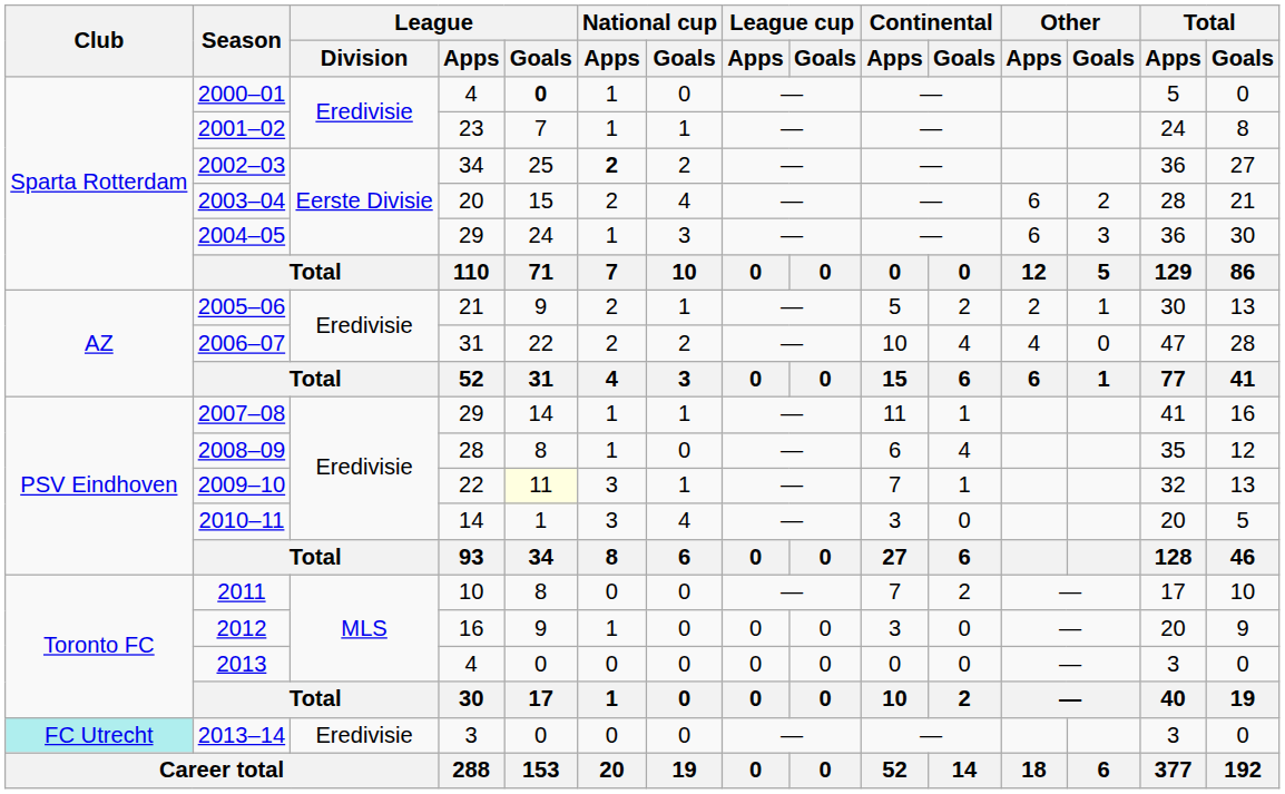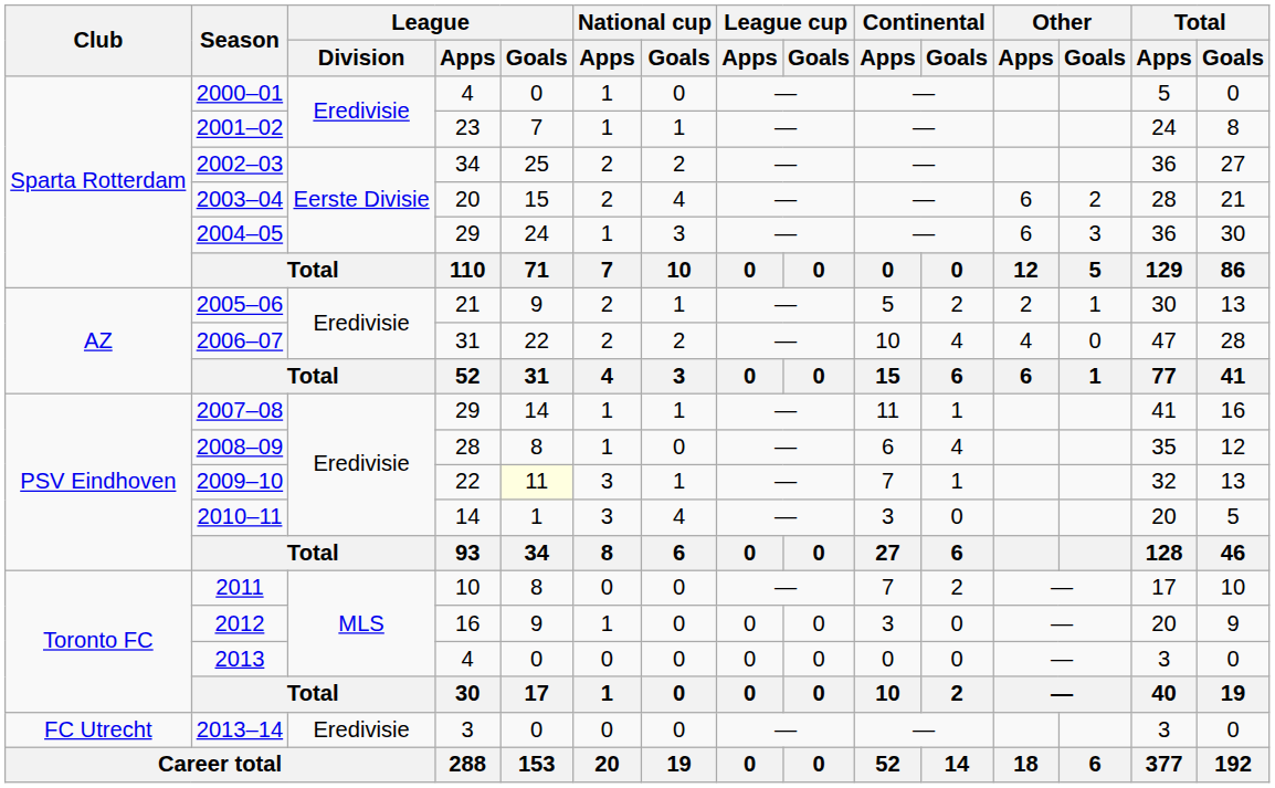 <table class="wikitable" style="text-align:center">
 <tr>
 <th rowspan="2">Club</th>
 <th rowspan="2">Season</th>
 <th colspan="3">League</th>
 <th colspan="2">National cup</th>
 <th colspan="2">League cup</th>
 <th colspan="2">Continental</th>
 <th colspan="2">Other</th>
 <th colspan="2">Total</th>
 </tr>
 <tr>
 <th>Division</th>
 <th>Apps</th>
 <th>Goals</th>
 <th>Apps</th>
 <th>Goals</th>
 <th>Apps</th>
 <th>Goals</th>
 <th>Apps</th>
 <th>Goals</th>
 <th>Apps</th>
 <th>Goals</th>
 <th>Apps</th>
 <th>Goals</th>
 </tr>
 <tr>
 <td rowspan="6"><a href='#'>Sparta Rotterdam</a></td>
 <td><a href='#'>2000–01</a></td>
 <td rowspan="2"><a href='#'>Eredivisie</a></td>
 <td>4</td>
-<td><strong>0</strong></td>
+<td>0</td>
 <td>1</td>
 <td>0</td>
 <td colspan="2">—</td>
 <td colspan="2">—</td>
 <td></td>
 <td></td>
 <td>5</td>
 <td>0</td>
 </tr>
 <tr>
 <td><a href='#'>2001–02</a></td>
 <td>23</td>
 <td>7</td>
 <td>1</td>
 <td>1</td>
 <td colspan="2">—</td>
 <td colspan="2">—</td>
 <td></td>
 <td></td>
 <td>24</td>
 <td>8</td>
 </tr>
 <tr>
 <td><a href='#'>2002–03</a></td>
 <td rowspan="3"><a href='#'>Eerste Divisie</a></td>
 <td>34</td>
 <td>25</td>
-<td><strong>2</strong></td>
+<td>2</td>
 <td>2</td>
 <td colspan="2">—</td>
 <td colspan="2">—</td>
 <td></td>
 <td></td>
 <td>36</td>
 <td>27</td>
 </tr>
 <tr>
 <td><a href='#'>2003–04</a></td>
 <td>20</td>
 <td>15</td>
 <td>2</td>
 <td>4</td>
 <td colspan="2">—</td>
 <td colspan="2">—</td>
 <td>6</td>
 <td>2</td>
 <td>28</td>
 <td>21</td>
 </tr>
 <tr>
 <td><a href='#'>2004–05</a></td>
 <td>29</td>
 <td>24</td>
 <td>1</td>
 <td>3</td>
 <td colspan="2">—</td>
 <td colspan="2">—</td>
 <td>6</td>
 <td>3</td>
 <td>36</td>
 <td>30</td>
 </tr>
 <tr>
 <th colspan="2">Total</th>
 <th>110</th>
 <th>71</th>
 <th>7</th>
 <th>10</th>
 <th>0</th>
 <th>0</th>
 <th>0</th>
 <th>0</th>
 <th>12</th>
 <th>5</th>
 <th>129</th>
 <th>86</th>
 </tr>
 <tr>
 <td rowspan="3"><a href='#'>AZ</a></td>
 <td><a href='#'>2005–06</a></td>
 <td rowspan="2">Eredivisie</td>
 <td>21</td>
 <td>9</td>
 <td>2</td>
 <td>1</td>
 <td colspan="2">—</td>
 <td>5</td>
 <td>2</td>
 <td>2</td>
 <td>1</td>
 <td>30</td>
 <td>13</td>
 </tr>
 <tr>
 <td><a href='#'>2006–07</a></td>
 <td>31</td>
 <td>22</td>
 <td>2</td>
 <td>2</td>
 <td colspan="2">—</td>
 <td>10</td>
 <td>4</td>
 <td>4</td>
 <td>0</td>
 <td>47</td>
 <td>28</td>
 </tr>
 <tr>
 <th colspan="2">Total</th>
 <th>52</th>
 <th>31</th>
 <th>4</th>
 <th>3</th>
 <th>0</th>
 <th>0</th>
 <th>15</th>
 <th>6</th>
 <th>6</th>
 <th>1</th>
 <th>77</th>
 <th>41</th>
 </tr>
 <tr>
 <td rowspan="5"><a href='#'>PSV Eindhoven</a></td>
 <td><a href='#'>2007–08</a></td>
 <td rowspan="4">Eredivisie</td>
 <td>29</td>
 <td>14</td>
 <td>1</td>
 <td>1</td>
 <td colspan="2">—</td>
 <td>11</td>
 <td>1</td>
 <td></td>
 <td></td>
 <td>41</td>
 <td>16</td>
 </tr>
 <tr>
 <td><a href='#'>2008–09</a></td>
 <td>28</td>
 <td>8</td>
 <td>1</td>
 <td>0</td>
 <td colspan="2">—</td>
 <td>6</td>
 <td>4</td>
 <td></td>
 <td></td>
 <td>35</td>
 <td>12</td>
 </tr>
 <tr>
 <td><a href='#'>2009–10</a></td>
 <td>22</td>
 <td style="background: lightyellow;">11</td>
 <td>3</td>
 <td>1</td>
 <td colspan="2">—</td>
 <td>7</td>
 <td>1</td>
 <td></td>
 <td></td>
 <td>32</td>
 <td>13</td>
 </tr>
 <tr>
 <td><a href='#'>2010–11</a></td>
 <td>14</td>
 <td>1</td>
 <td>3</td>
 <td>4</td>
 <td colspan="2">—</td>
 <td>3</td>
 <td>0</td>
 <td></td>
 <td></td>
 <td>20</td>
 <td>5</td>
 </tr>
 <tr>
 <th colspan="2">Total</th>
 <th>93</th>
 <th>34</th>
 <th>8</th>
 <th>6</th>
 <th>0</th>
 <th>0</th>
 <th>27</th>
 <th>6</th>
 <th></th>
 <th></th>
 <th>128</th>
 <th>46</th>
 </tr>
 <tr>
 <td rowspan="4"><a href='#'>Toronto FC</a></td>
 <td><a href='#'>2011</a></td>
 <td rowspan="3"><a href='#'>MLS</a></td>
 <td>10</td>
 <td>8</td>
 <td>0</td>
 <td>0</td>
 <td colspan="2">—</td>
 <td>7</td>
 <td>2</td>
 <td colspan="2">—</td>
 <td>17</td>
 <td>10</td>
 </tr>
 <tr>
 <td><a href='#'>2012</a></td>
 <td>16</td>
 <td>9</td>
 <td>1</td>
 <td>0</td>
 <td>0</td>
 <td>0</td>
 <td>3</td>
 <td>0</td>
 <td colspan="2">—</td>
 <td>20</td>
 <td>9</td>
 </tr>
 <tr>
 <td><a href='#'>2013</a></td>
 <td>4</td>
 <td>0</td>
 <td>0</td>
 <td>0</td>
 <td>0</td>
 <td>0</td>
 <td>0</td>
 <td>0</td>
 <td colspan="2">—</td>
 <td>3</td>
 <td>0</td>
 </tr>
 <tr>
 <th colspan="2">Total</th>
 <th>30</th>
 <th>17</th>
 <th>1</th>
 <th>0</th>
 <th>0</th>
 <th>0</th>
 <th>10</th>
 <th>2</th>
 <th colspan="2">—</th>
 <th>40</th>
 <th>19</th>
 </tr>
 <tr>
-<td style="background: paleturquoise;"><a href='#'>FC Utrecht</a></td>
+<td><a href='#'>FC Utrecht</a></td>
 <td><a href='#'>2013–14</a></td>
 <td>Eredivisie</td>
 <td>3</td>
 <td>0</td>
 <td>0</td>
 <td>0</td>
 <td colspan="2">—</td>
 <td colspan="2">—</td>
 <td></td>
 <td></td>
 <td>3</td>
 <td>0</td>
 </tr>
 <tr>
 <th colspan="3">Career total</th>
 <th>288</th>
 <th>153</th>
 <th>20</th>
 <th>19</th>
 <th>0</th>
 <th>0</th>
 <th>52</th>
 <th>14</th>
 <th>18</th>
 <th>6</th>
 <th>377</th>
 <th>192</th>
 </tr>
 </table>
